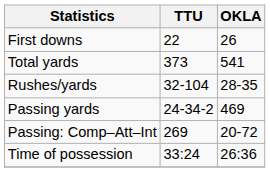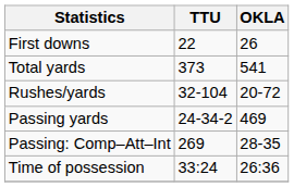 <table class="wikitable" style="float: left;">
 <tr>
 <th>Statistics</th>
 <th>TTU</th>
 <th>OKLA</th>
 </tr>
 <tr>
 <td>First downs</td>
 <td>22</td>
 <td>26</td>
 </tr>
 <tr>
 <td>Total yards</td>
 <td>373</td>
 <td>541</td>
 </tr>
 <tr>
 <td>Rushes/yards</td>
 <td>32-104</td>
-<td>28-35</td>
+<td>20-72</td>
 </tr>
 <tr>
 <td>Passing yards</td>
 <td>24-34-2</td>
 <td>469</td>
 </tr>
 <tr>
 <td>Passing: Comp–Att–Int</td>
 <td>269</td>
-<td>20-72</td>
+<td>28-35</td>
 </tr>
 <tr>
 <td>Time of possession</td>
 <td>33:24</td>
 <td>26:36</td>
 </tr>
 <tr>
 </tr>
 </table>
